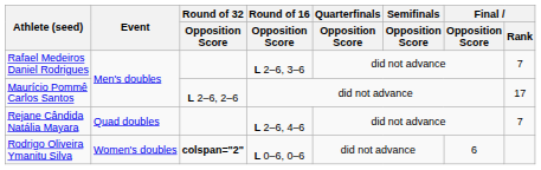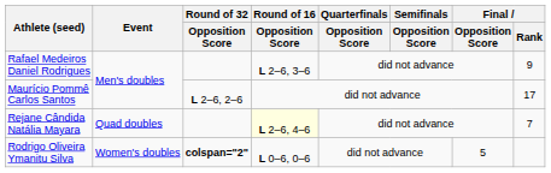 <table class=wikitable style="font-size:90%">
 <tr>
 <th rowspan="2">Athlete (seed)</th>
 <th rowspan="2">Event</th>
 <th>Round of 32</th>
 <th>Round of 16</th>
 <th>Quarterfinals</th>
 <th>Semifinals</th>
 <th colspan="2">Final / </th>
 </tr>
 <tr>
 <th>Opposition<br>Score</th>
 <th>Opposition<br>Score</th>
 <th>Opposition<br>Score</th>
 <th>Opposition<br>Score</th>
 <th>Opposition<br>Score</th>
 <th>Rank</th>
 </tr>
 <tr>
 <td><a href='#'>Rafael Medeiros</a><br><a href='#'>Daniel Rodrigues</a></td>
 <td rowspan="2"><a href='#'>Men's doubles</a></td>
 <td></td>
 <td align="center"><br><strong>L</strong> 2–6, 3–6</td>
 <td align="center" colspan=3>did not advance</td>
-<td align="center">7</td>
+<td align="center">9</td>
 </tr>
 <tr>
 <td><a href='#'>Maurício Pommê</a><br><a href='#'>Carlos Santos</a></td>
 <td align="center"><br><strong>L</strong> 2–6, 2–6</td>
 <td align="center" colspan=4>did not advance</td>
 <td align="center">17</td>
 </tr>
 <tr>
 <td><a href='#'>Rejane Cândida</a><br><a href='#'>Natália Mayara</a></td>
 <td><a href='#'>Quad doubles</a></td>
 <td></td>
-<td align="center"><br><strong>L</strong> 2–6, 4–6</td>
+<td align="center" style="background: lightyellow;"><br><strong>L</strong> 2–6, 4–6</td>
 <td align="center" colspan=3>did not advance</td>
 <td align="center">7</td>
 </tr>
 <tr>
 <td><a href='#'>Rodrigo Oliveira</a><br><a href='#'>Ymanitu Silva</a></td>
 <td><a href='#'>Women's doubles</a></td>
 <td><strong>colspan="2" </strong></td>
 <td align="center"><br><strong>L</strong> 0–6, 0–6</td>
 <td align="center" colspan=2>did not advance</td>
-<td align="center">6</td>
+<td align="center">5</td>
 </tr>
 </table>
